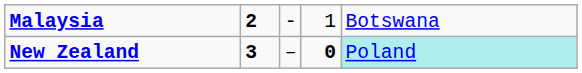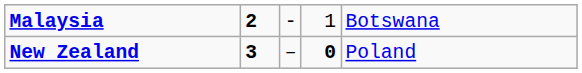 <table class="wikitable">
 <tr>
 <td width=150> <strong><a href='#'>Malaysia</a></strong></td>
 <td style="width:20px; text-align:left;"><strong>2</strong></td>
 <td>-</td>
 <td style="width:20px; text-align:right;">1</td>
 <td width=150> <a href='#'>Botswana</a></td>
 </tr>
 <tr>
 <td> <strong><a href='#'>New Zealand</a></strong></td>
 <td style="text-align:left;"><strong>3</strong></td>
 <td>–</td>
 <td style="text-align:right;"><strong>0</strong></td>
-<td style="background: paleturquoise;"> <a href='#'>Poland</a></td>
+<td> <a href='#'>Poland</a></td>
 </tr>
 </table>
